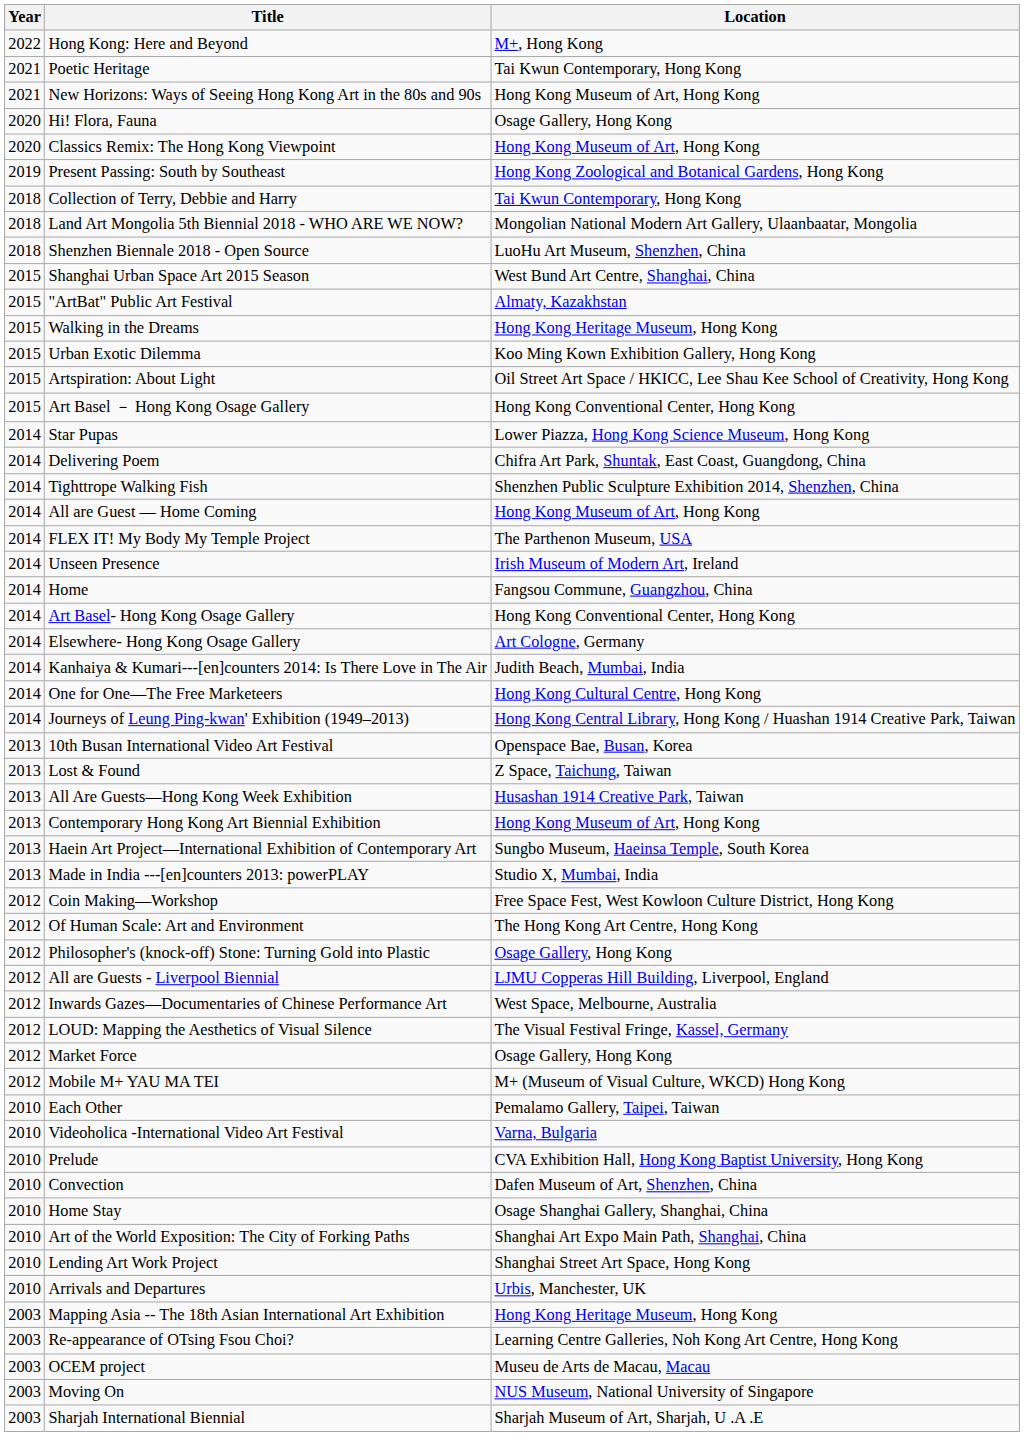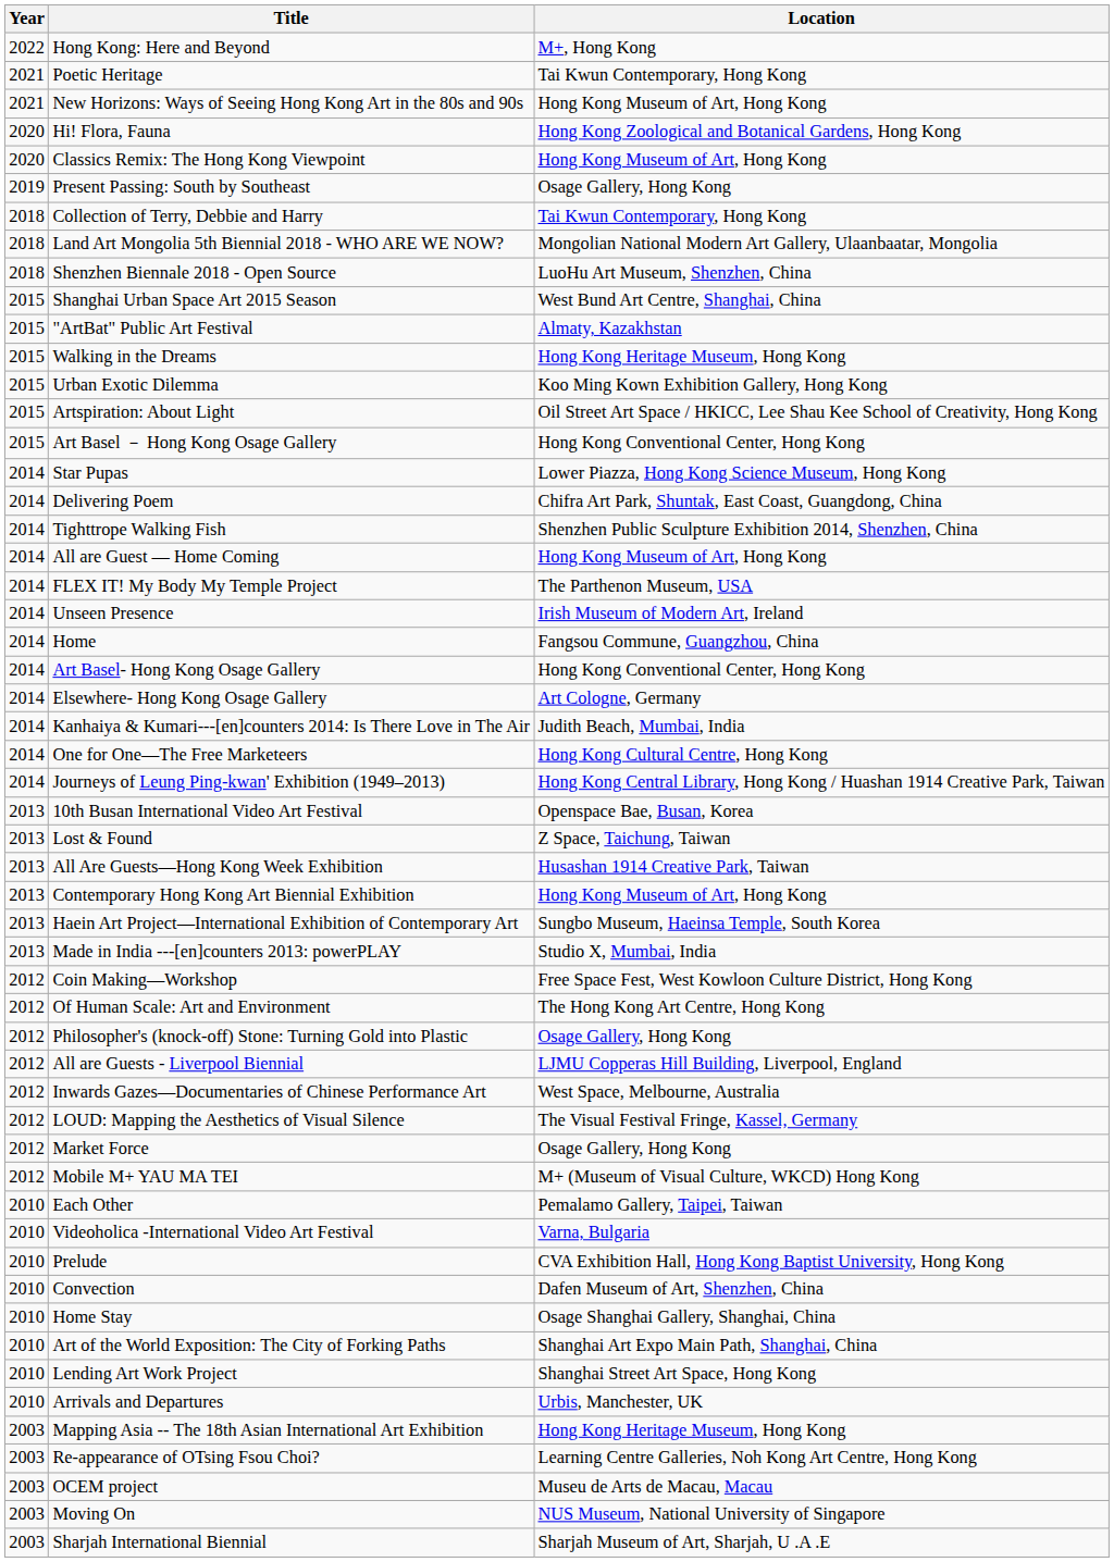 <table class="wikitable">
 <tr>
 <th>Year</th>
 <th>Title</th>
 <th>Location</th>
 </tr>
 <tr>
 <td>2022</td>
 <td>Hong Kong: Here and Beyond</td>
 <td><a href='#'>M+</a>, Hong Kong</td>
 </tr>
 <tr>
 <td>2021</td>
 <td>Poetic Heritage</td>
 <td>Tai Kwun Contemporary, Hong Kong</td>
 </tr>
 <tr>
 <td>2021</td>
 <td>New Horizons: Ways of Seeing Hong Kong Art in the 80s and 90s</td>
 <td>Hong Kong Museum of Art, Hong Kong</td>
 </tr>
 <tr>
 <td>2020</td>
 <td>Hi! Flora, Fauna</td>
-<td>Osage Gallery, Hong Kong</td>
+<td><a href='#'>Hong Kong Zoological and Botanical Gardens</a>, Hong Kong</td>
 </tr>
 <tr>
 <td>2020</td>
 <td>Classics Remix: The Hong Kong Viewpoint</td>
 <td><a href='#'>Hong Kong Museum of Art</a>, Hong Kong</td>
 </tr>
 <tr>
 <td>2019</td>
 <td>Present Passing: South by Southeast  </td>
-<td><a href='#'>Hong Kong Zoological and Botanical Gardens</a>, Hong Kong</td>
+<td>Osage Gallery, Hong Kong</td>
 </tr>
 <tr>
 <td>2018</td>
 <td>Collection of Terry, Debbie and Harry</td>
 <td><a href='#'>Tai Kwun Contemporary</a>, Hong Kong</td>
 </tr>
 <tr>
 <td>2018</td>
 <td>Land Art Mongolia 5th Biennial 2018 - WHO ARE WE NOW?</td>
 <td>Mongolian National Modern Art Gallery, Ulaanbaatar, Mongolia</td>
 </tr>
 <tr>
 <td>2018</td>
 <td>Shenzhen Biennale 2018 - Open Source</td>
 <td>LuoHu Art Museum, <a href='#'>Shenzhen</a>, China</td>
 </tr>
 <tr>
 <td>2015</td>
 <td>Shanghai Urban Space Art 2015 Season</td>
 <td>West Bund Art Centre, <a href='#'>Shanghai</a>, China</td>
 </tr>
 <tr>
 <td>2015</td>
 <td>"ArtBat" Public Art Festival</td>
 <td><a href='#'>Almaty, Kazakhstan</a></td>
 </tr>
 <tr>
 <td>2015</td>
 <td>Walking in the Dreams</td>
 <td><a href='#'>Hong Kong Heritage Museum</a>, Hong Kong</td>
 </tr>
 <tr>
 <td>2015</td>
 <td>Urban Exotic Dilemma</td>
 <td>Koo Ming Kown Exhibition Gallery, Hong Kong</td>
 </tr>
 <tr>
 <td>2015</td>
 <td>Artspiration: About Light</td>
 <td>Oil Street Art Space / HKICC, Lee Shau Kee School of Creativity, Hong Kong</td>
 </tr>
 <tr>
 <td>2015</td>
 <td>Art Basel － Hong Kong Osage Gallery</td>
 <td>Hong Kong Conventional Center, Hong Kong</td>
 </tr>
 <tr>
 <td>2014</td>
 <td>Star Pupas</td>
 <td>Lower Piazza, <a href='#'>Hong Kong Science Museum</a>, Hong Kong</td>
 </tr>
 <tr>
 <td>2014</td>
 <td>Delivering Poem</td>
 <td>Chifra Art Park, <a href='#'>Shuntak</a>, East Coast, Guangdong, China</td>
 </tr>
 <tr>
 <td>2014</td>
 <td>Tighttrope Walking Fish</td>
 <td>Shenzhen Public Sculpture Exhibition 2014, <a href='#'>Shenzhen</a>, China</td>
 </tr>
 <tr>
 <td>2014</td>
 <td>All are Guest — Home Coming</td>
 <td><a href='#'>Hong Kong Museum of Art</a>, Hong Kong</td>
 </tr>
 <tr>
 <td>2014</td>
 <td>FLEX IT! My Body My Temple Project</td>
 <td>The Parthenon Museum, <a href='#'>USA</a></td>
 </tr>
 <tr>
 <td>2014</td>
 <td>Unseen Presence</td>
 <td><a href='#'>Irish Museum of Modern Art</a>, Ireland</td>
 </tr>
 <tr>
 <td>2014</td>
 <td>Home</td>
 <td>Fangsou Commune, <a href='#'>Guangzhou</a>, China</td>
 </tr>
 <tr>
 <td>2014</td>
 <td><a href='#'>Art Basel</a>- Hong Kong Osage Gallery</td>
 <td>Hong Kong Conventional Center, Hong Kong</td>
 </tr>
 <tr>
 <td>2014</td>
 <td>Elsewhere- Hong Kong Osage Gallery</td>
 <td><a href='#'>Art Cologne</a>, Germany</td>
 </tr>
 <tr>
 <td>2014</td>
 <td>Kanhaiya & Kumari---[en]counters 2014: Is There Love in The Air</td>
 <td>Judith Beach, <a href='#'>Mumbai</a>, India</td>
 </tr>
 <tr>
 <td>2014</td>
 <td>One for One—The Free Marketeers</td>
 <td><a href='#'>Hong Kong Cultural Centre</a>, Hong Kong</td>
 </tr>
 <tr>
 <td>2014</td>
 <td>Journeys of <a href='#'>Leung Ping-kwan</a>' Exhibition (1949–2013)</td>
 <td><a href='#'>Hong Kong Central Library</a>, Hong Kong / Huashan 1914 Creative Park, Taiwan</td>
 </tr>
 <tr>
 <td>2013</td>
 <td>10th Busan International Video Art Festival</td>
 <td>Openspace Bae, <a href='#'>Busan</a>, Korea</td>
 </tr>
 <tr>
 <td>2013</td>
 <td>Lost & Found</td>
 <td>Z Space, <a href='#'>Taichung</a>, Taiwan</td>
 </tr>
 <tr>
 <td>2013</td>
 <td>All Are Guests—Hong Kong Week Exhibition</td>
 <td><a href='#'>Husashan 1914 Creative Park</a>, Taiwan</td>
 </tr>
 <tr>
 <td>2013</td>
 <td>Contemporary Hong Kong Art Biennial Exhibition</td>
 <td><a href='#'>Hong Kong Museum of Art</a>, Hong Kong</td>
 </tr>
 <tr>
 <td>2013</td>
 <td>Haein Art Project—International Exhibition of Contemporary Art</td>
 <td>Sungbo Museum, <a href='#'>Haeinsa Temple</a>, South Korea</td>
 </tr>
 <tr>
 <td>2013</td>
 <td>Made in India ---[en]counters 2013: powerPLAY</td>
 <td>Studio X, <a href='#'>Mumbai</a>, India</td>
 </tr>
 <tr>
 <td>2012</td>
 <td>Coin Making—Workshop</td>
 <td>Free Space Fest, West Kowloon Culture District, Hong Kong</td>
 </tr>
 <tr>
 <td>2012</td>
 <td>Of Human Scale: Art and Environment</td>
 <td>The Hong Kong Art Centre, Hong Kong</td>
 </tr>
 <tr>
 <td>2012</td>
 <td>Philosopher's (knock-off) Stone: Turning Gold into Plastic</td>
 <td><a href='#'>Osage Gallery</a>, Hong Kong</td>
 </tr>
 <tr>
 <td>2012</td>
 <td>All are Guests - <a href='#'>Liverpool Biennial</a></td>
 <td><a href='#'>LJMU Copperas Hill Building</a>, Liverpool, England</td>
 </tr>
 <tr>
 <td>2012</td>
 <td>Inwards Gazes—Documentaries of Chinese Performance Art</td>
 <td>West Space, Melbourne, Australia</td>
 </tr>
 <tr>
 <td>2012</td>
 <td>LOUD: Mapping the Aesthetics of Visual Silence</td>
 <td>The Visual Festival Fringe, <a href='#'>Kassel, Germany</a></td>
 </tr>
 <tr>
 <td>2012</td>
 <td>Market Force</td>
 <td>Osage Gallery, Hong Kong</td>
 </tr>
 <tr>
 <td>2012</td>
 <td>Mobile M+ YAU MA TEI</td>
 <td>M+ (Museum of Visual Culture, WKCD) Hong Kong</td>
 </tr>
 <tr>
 <td>2010</td>
 <td>Each Other</td>
 <td>Pemalamo Gallery, <a href='#'>Taipei</a>, Taiwan</td>
 </tr>
 <tr>
 <td>2010</td>
 <td>Videoholica -International Video Art Festival</td>
 <td><a href='#'>Varna, Bulgaria</a></td>
 </tr>
 <tr>
 <td>2010</td>
 <td>Prelude</td>
 <td>CVA Exhibition Hall, <a href='#'>Hong Kong Baptist University</a>, Hong Kong</td>
 </tr>
 <tr>
 <td>2010</td>
 <td>Convection</td>
 <td>Dafen Museum of Art, <a href='#'>Shenzhen</a>, China</td>
 </tr>
 <tr>
 <td>2010</td>
 <td>Home Stay</td>
 <td>Osage Shanghai Gallery, Shanghai, China</td>
 </tr>
 <tr>
 <td>2010</td>
 <td>Art of the World Exposition: The City of Forking Paths</td>
 <td>Shanghai Art Expo Main Path, <a href='#'>Shanghai</a>, China</td>
 </tr>
 <tr>
 <td>2010</td>
 <td>Lending Art Work Project</td>
 <td>Shanghai Street Art Space, Hong Kong</td>
 </tr>
 <tr>
 <td>2010</td>
 <td>Arrivals and Departures</td>
 <td><a href='#'>Urbis</a>, Manchester, UK</td>
 </tr>
 <tr>
 <td>2003</td>
 <td>Mapping Asia -- The 18th Asian International Art Exhibition</td>
 <td><a href='#'>Hong Kong Heritage Museum</a>, Hong Kong</td>
 </tr>
 <tr>
 <td>2003</td>
 <td>Re-appearance of OTsing Fsou Choi?</td>
 <td>Learning Centre Galleries, Noh Kong Art Centre, Hong Kong</td>
 </tr>
 <tr>
 <td>2003</td>
 <td>OCEM project</td>
 <td>Museu de Arts de Macau, <a href='#'>Macau</a></td>
 </tr>
 <tr>
 <td>2003</td>
 <td>Moving On</td>
 <td><a href='#'>NUS Museum</a>, National University of Singapore</td>
 </tr>
 <tr>
 <td>2003</td>
 <td>Sharjah International Biennial</td>
 <td>Sharjah Museum of Art, Sharjah, U .A .E</td>
 </tr>
 </table>
